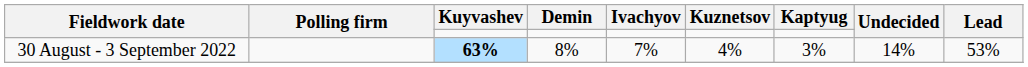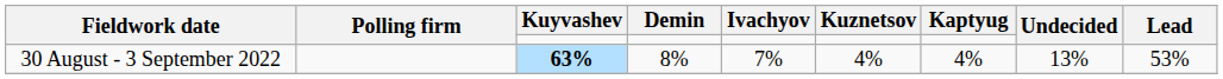 <table class=wikitable style="font-size:95%; line-height:14px; text-align:center">
 <tr>
 <th style=width:200px; rowspan=2>Fieldwork date</th>
 <th style=width:150px; rowspan=2>Polling firm</th>
 <th style="width:60px;">Kuyvashev</th>
 <th style="width:60px;">Demin</th>
 <th style="width:60px;">Ivachyov</th>
 <th style="width:60px;">Kuznetsov</th>
 <th style="width:60px;">Kaptyug</th>
 <th style="width:60px;" rowspan=2>Undecided</th>
 <th style="width:60px;" rowspan="2">Lead</th>
 </tr>
 <tr>
 <td bgcolor=></td>
 <td bgcolor=></td>
 <td bgcolor=></td>
 <td bgcolor=></td>
 <td bgcolor=></td>
 </tr>
 <tr>
 <td>30 August - 3 September 2022</td>
 <td></td>
 <td style="background:#B3E0FF"><strong>63%</strong></td>
 <td>8%</td>
 <td>7%</td>
 <td>4%</td>
-<td>3%</td>
-<td>14%</td>
+<td>4%</td>
+<td>13%</td>
 <td style="background:">53%</td>
 </tr>
 <tr>
 </tr>
 </table>
